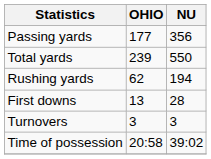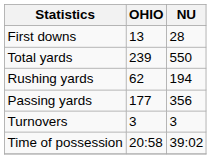 <table class="wikitable">
 <tr>
 <th>Statistics</th>
 <th>OHIO</th>
 <th>NU</th>
 </tr>
 <tr>
-<td>Passing yards</td>
-<td>177</td>
-<td>356</td>
+<td>First downs</td>
+<td>13</td>
+<td>28</td>
 </tr>
 <tr>
 <td>Total yards</td>
 <td>239</td>
 <td>550</td>
 </tr>
 <tr>
 <td>Rushing yards</td>
 <td>62</td>
 <td>194</td>
 </tr>
 <tr>
-<td>First downs</td>
-<td>13</td>
-<td>28</td>
+<td>Passing yards</td>
+<td>177</td>
+<td>356</td>
 </tr>
 <tr>
 <td>Turnovers</td>
 <td>3</td>
 <td>3</td>
 </tr>
 <tr>
 <td>Time of possession</td>
 <td>20:58</td>
 <td>39:02</td>
 </tr>
 <tr>
 </tr>
 </table>
